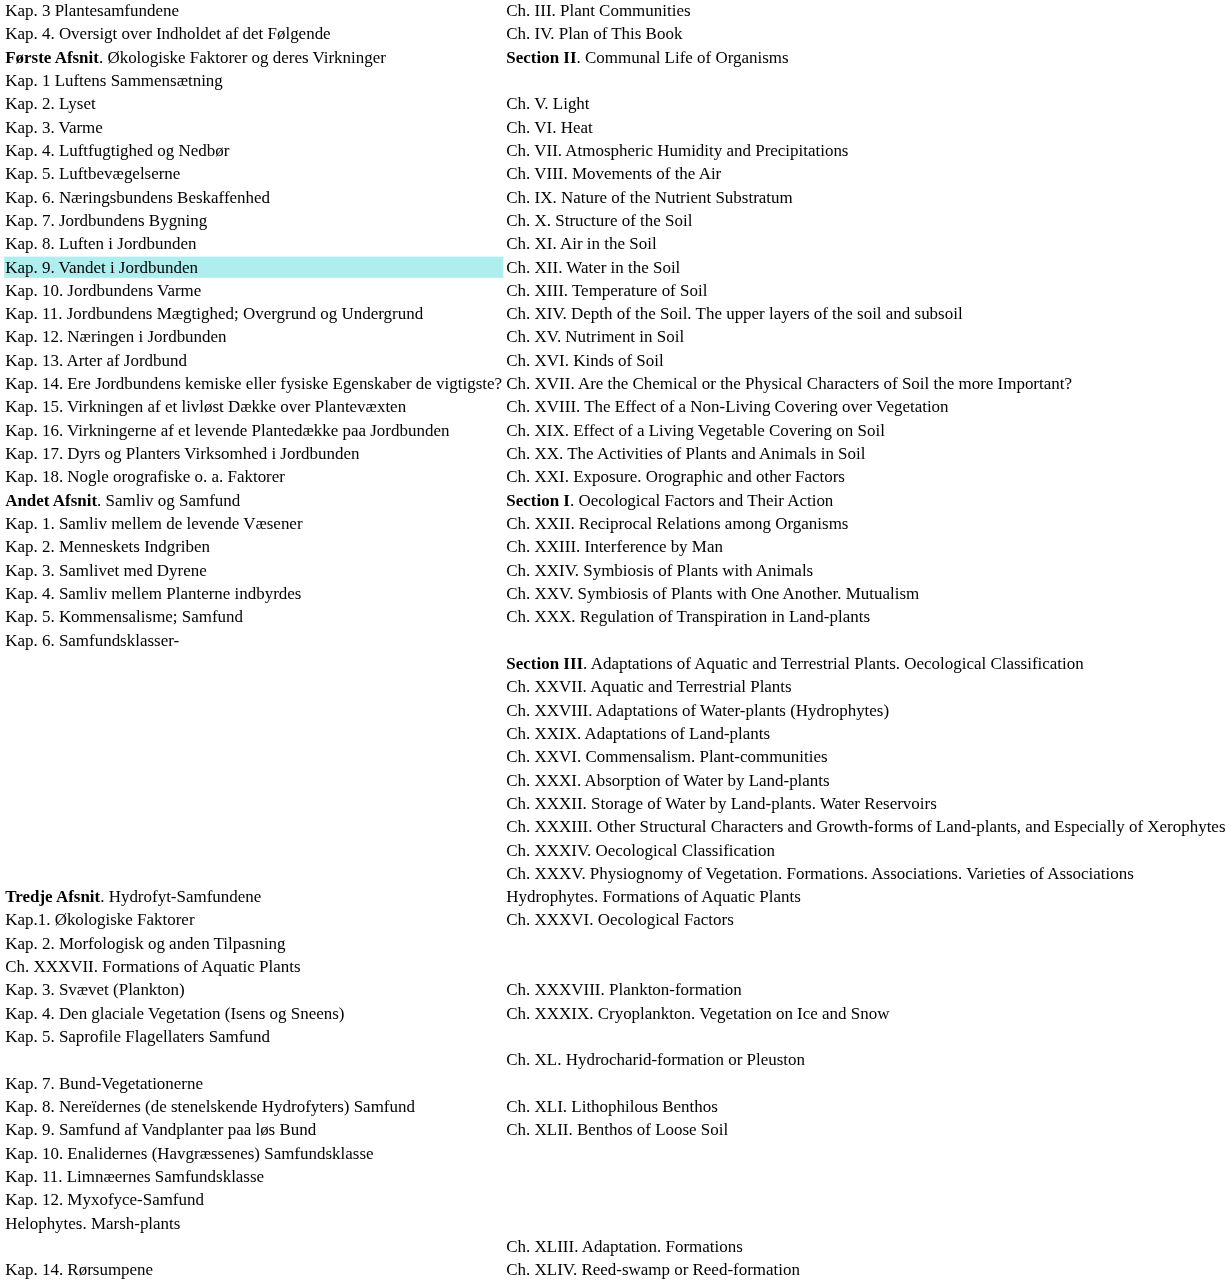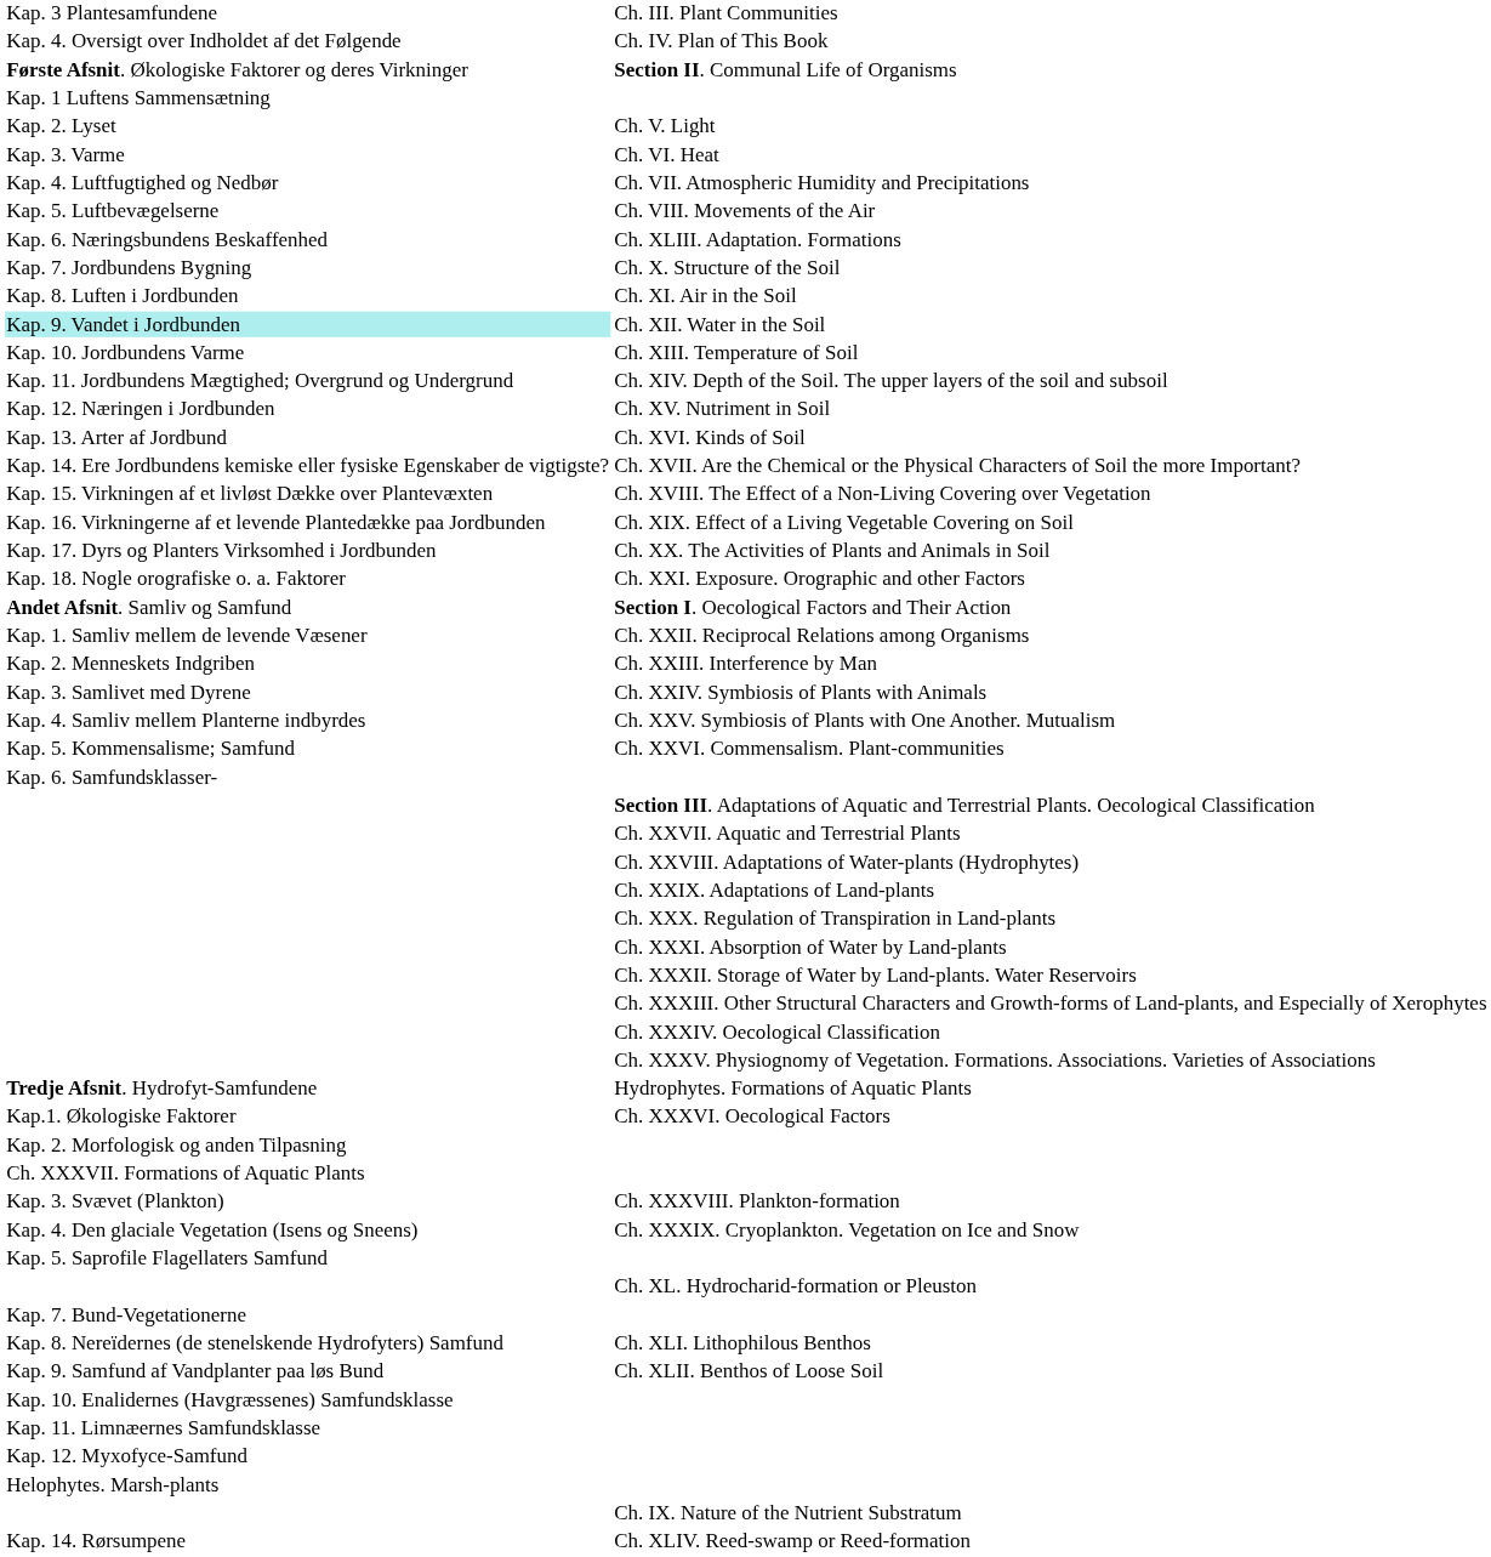 <table>
 <tr>
 <td>Kap. 3 Plantesamfundene</td>
 <td>Ch. III. Plant Communities</td>
 </tr>
 <tr>
 <td>Kap. 4. Oversigt over Indholdet af det Følgende</td>
 <td>Ch. IV. Plan of This Book</td>
 </tr>
 <tr>
 <td><strong>Første Afsnit</strong>. Økologiske Faktorer og deres Virkninger</td>
 <td><strong>Section II</strong>. Communal Life of Organisms</td>
 </tr>
 <tr>
 <td>Kap. 1 Luftens Sammensætning</td>
 <td></td>
 </tr>
 <tr>
 <td>Kap. 2. Lyset</td>
 <td>Ch. V. Light</td>
 </tr>
 <tr>
 <td>Kap. 3. Varme</td>
 <td>Ch. VI. Heat</td>
 </tr>
 <tr>
 <td>Kap. 4. Luftfugtighed og Nedbør</td>
 <td>Ch. VII. Atmospheric Humidity and Precipitations</td>
 </tr>
 <tr>
 <td>Kap. 5. Luftbevægelserne</td>
 <td>Ch. VIII. Movements of the Air</td>
 </tr>
 <tr>
 <td>Kap. 6. Næringsbundens Beskaffenhed</td>
-<td>Ch. IX. Nature of the Nutrient Substratum</td>
+<td>Ch. XLIII. Adaptation. Formations</td>
 </tr>
 <tr>
 <td>Kap. 7. Jordbundens Bygning</td>
 <td>Ch. X. Structure of the Soil</td>
 </tr>
 <tr>
 <td>Kap. 8. Luften i Jordbunden</td>
 <td>Ch. XI. Air in the Soil</td>
 </tr>
 <tr>
 <td style="background: paleturquoise;">Kap. 9. Vandet i Jordbunden</td>
 <td>Ch. XII. Water in the Soil</td>
 </tr>
 <tr>
 <td>Kap. 10. Jordbundens Varme</td>
 <td>Ch. XIII. Temperature of Soil</td>
 </tr>
 <tr>
 <td>Kap. 11. Jordbundens Mægtighed; Overgrund og Undergrund</td>
 <td>Ch. XIV. Depth of the Soil. The upper layers of the soil and subsoil</td>
 </tr>
 <tr>
 <td>Kap. 12. Næringen i Jordbunden</td>
 <td>Ch. XV. Nutriment in Soil</td>
 </tr>
 <tr>
 <td>Kap. 13. Arter af Jordbund</td>
 <td>Ch. XVI. Kinds of Soil</td>
 </tr>
 <tr>
 <td>Kap. 14. Ere Jordbundens kemiske eller fysiske Egenskaber de vigtigste?</td>
 <td>Ch. XVII. Are the Chemical or the Physical Characters of Soil the more Important?</td>
 </tr>
 <tr>
 <td>Kap. 15. Virkningen af et livløst Dække over Plantevæxten</td>
 <td>Ch. XVIII. The Effect of a Non-Living Covering over Vegetation</td>
 </tr>
 <tr>
 <td>Kap. 16. Virkningerne af et levende Plantedække paa Jordbunden</td>
 <td>Ch. XIX. Effect of a Living Vegetable Covering on Soil</td>
 </tr>
 <tr>
 <td>Kap. 17. Dyrs og Planters Virksomhed i Jordbunden</td>
 <td>Ch. XX. The Activities of Plants and Animals in Soil</td>
 </tr>
 <tr>
 <td>Kap. 18. Nogle orografiske o. a. Faktorer</td>
 <td>Ch. XXI. Exposure. Orographic and other Factors</td>
 </tr>
 <tr>
 <td><strong>Andet Afsnit</strong>. Samliv og Samfund</td>
 <td><strong>Section I</strong>. Oecological Factors and Their Action</td>
 </tr>
 <tr>
 <td>Kap. 1. Samliv mellem de levende Væsener</td>
 <td>Ch. XXII. Reciprocal Relations among Organisms</td>
 </tr>
 <tr>
 <td>Kap. 2. Menneskets Indgriben</td>
 <td>Ch. XXIII. Interference by Man</td>
 </tr>
 <tr>
 <td>Kap. 3. Samlivet med Dyrene</td>
 <td>Ch. XXIV. Symbiosis of Plants with Animals</td>
 </tr>
 <tr>
 <td>Kap. 4. Samliv mellem Planterne indbyrdes</td>
 <td>Ch. XXV. Symbiosis of Plants with One Another. Mutualism</td>
 </tr>
 <tr>
 <td>Kap. 5. Kommensalisme; Samfund</td>
-<td>Ch. XXX. Regulation of Transpiration in Land-plants</td>
+<td>Ch. XXVI. Commensalism. Plant-communities</td>
 </tr>
 <tr>
 <td>Kap. 6. Samfundsklasser-</td>
 <td></td>
 </tr>
 <tr>
 <td></td>
 <td><strong>Section III</strong>. Adaptations of Aquatic and Terrestrial Plants. Oecological Classification</td>
 </tr>
 <tr>
 <td></td>
 <td>Ch. XXVII. Aquatic and Terrestrial Plants</td>
 </tr>
 <tr>
 <td></td>
 <td>Ch. XXVIII. Adaptations of Water-plants (Hydrophytes)</td>
 </tr>
 <tr>
 <td></td>
 <td>Ch. XXIX. Adaptations of Land-plants</td>
 </tr>
 <tr>
 <td></td>
-<td>Ch. XXVI. Commensalism. Plant-communities</td>
+<td>Ch. XXX. Regulation of Transpiration in Land-plants</td>
 </tr>
 <tr>
 <td></td>
 <td>Ch. XXXI. Absorption of Water by Land-plants</td>
 </tr>
 <tr>
 <td></td>
 <td>Ch. XXXII. Storage of Water by Land-plants. Water Reservoirs</td>
 </tr>
 <tr>
 <td></td>
 <td>Ch. XXXIII. Other Structural Characters and Growth-forms of Land-plants, and Especially of Xerophytes</td>
 </tr>
 <tr>
 <td></td>
 <td>Ch. XXXIV. Oecological Classification</td>
 </tr>
 <tr>
 <td></td>
 <td>Ch. XXXV. Physiognomy of Vegetation. Formations. Associations. Varieties of Associations</td>
 </tr>
 <tr>
 <td><strong>Tredje Afsnit</strong>. Hydrofyt-Samfundene</td>
 <td>Hydrophytes. Formations of Aquatic Plants</td>
 </tr>
 <tr>
 <td>Kap.1. Økologiske Faktorer</td>
 <td>Ch. XXXVI. Oecological Factors</td>
 </tr>
 <tr>
 <td>Kap. 2. Morfologisk og anden Tilpasning</td>
 <td></td>
 </tr>
 <tr>
 <td>Ch. XXXVII. Formations of Aquatic Plants</td>
 </tr>
 <tr>
 <td>Kap. 3. Svævet (Plankton)</td>
 <td>Ch. XXXVIII. Plankton-formation</td>
 </tr>
 <tr>
 <td>Kap. 4. Den glaciale Vegetation (Isens og Sneens)</td>
 <td>Ch. XXXIX. Cryoplankton. Vegetation on Ice and Snow</td>
 </tr>
 <tr>
 <td>Kap. 5. Saprofile Flagellaters Samfund</td>
 <td></td>
 </tr>
 <tr>
 <td Kap. 6. Hydrochariternes Samfundsklasse></td>
 <td>Ch. XL. Hydrocharid-formation or Pleuston</td>
 </tr>
 <tr>
 <td>Kap. 7. Bund-Vegetationerne</td>
 <td></td>
 </tr>
 <tr>
 <td>Kap. 8. Nereïdernes (de stenelskende Hydrofyters) Samfund</td>
 <td>Ch. XLI. Lithophilous Benthos</td>
 </tr>
 <tr>
 <td>Kap. 9. Samfund af Vandplanter paa løs Bund</td>
 <td>Ch. XLII. Benthos of Loose Soil</td>
 </tr>
 <tr>
 <td>Kap. 10. Enalidernes (Havgræssenes) Samfundsklasse</td>
 <td></td>
 </tr>
 <tr>
 <td>Kap. 11. Limnæernes Samfundsklasse</td>
 <td></td>
 </tr>
 <tr>
 <td>Kap. 12. Myxofyce-Samfund</td>
 <td></td>
 </tr>
 <tr>
 <td>Helophytes. Marsh-plants</td>
 </tr>
 <tr>
 <td Kap. 13. Sumpplante-Samfund></td>
-<td>Ch. XLIII. Adaptation. Formations</td>
+<td>Ch. IX. Nature of the Nutrient Substratum</td>
 </tr>
 <tr>
 <td>Kap. 14. Rørsumpene</td>
 <td>Ch. XLIV. Reed-swamp or Reed-formation</td>
 </tr>
 <tr>
 </tr>
 </table>
